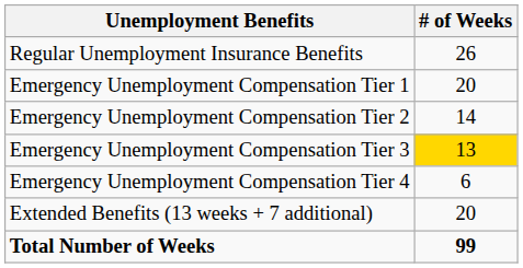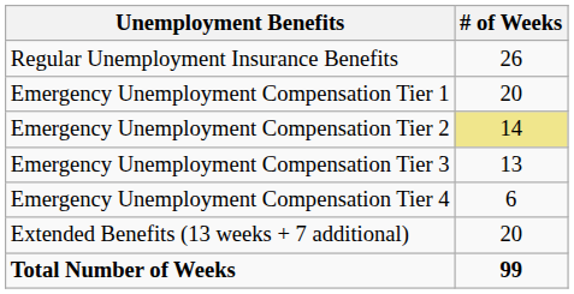 <table class="wikitable">
 <tr>
 <th>Unemployment Benefits</th>
 <th># of Weeks</th>
 </tr>
 <tr>
 <td>Regular Unemployment Insurance Benefits</td>
 <td align=center>26</td>
 </tr>
 <tr>
 <td>Emergency Unemployment Compensation Tier 1</td>
 <td align=center>20</td>
 </tr>
 <tr>
 <td>Emergency Unemployment Compensation Tier 2</td>
-<td align=center>14</td>
+<td align=center style="background: khaki;">14</td>
 </tr>
 <tr>
 <td>Emergency Unemployment Compensation Tier 3</td>
-<td align=center style="background: gold;">13</td>
+<td align=center>13</td>
 </tr>
 <tr>
 <td>Emergency Unemployment Compensation Tier 4</td>
 <td align=center>6</td>
 </tr>
 <tr>
 <td>Extended Benefits (13 weeks + 7 additional)</td>
 <td align=center>20</td>
 </tr>
 <tr>
 <td><strong>Total Number of Weeks</strong></td>
 <td align=center><strong>99</strong></td>
 </tr>
 </table>
